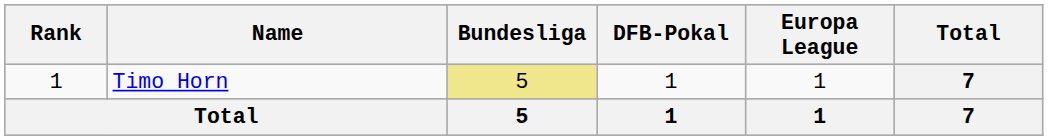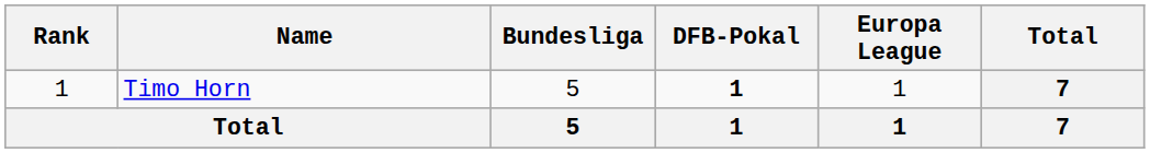 <table class="wikitable" style="text-align:center;">
 <tr>
 <th style="width:56px;">Rank</th>
 <th style="width:200px;">Name</th>
 <th style="width:84px;">Bundesliga</th>
 <th style="width:84px;">DFB-Pokal</th>
 <th style="width:84px;">Europa League</th>
 <th style="width:84px;">Total</th>
 </tr>
 <tr>
 <td>1</td>
 <td align="left"> <a href='#'>Timo Horn</a></td>
-<td style="background: khaki;">5</td>
-<td>1</td>
+<td>5</td>
+<td><strong>1</strong></td>
 <td>1</td>
 <th>7</th>
 </tr>
 <tr>
 <th colspan="2">Total</th>
 <th>5</th>
 <th>1</th>
 <th>1</th>
 <th>7</th>
 </tr>
 </table>
